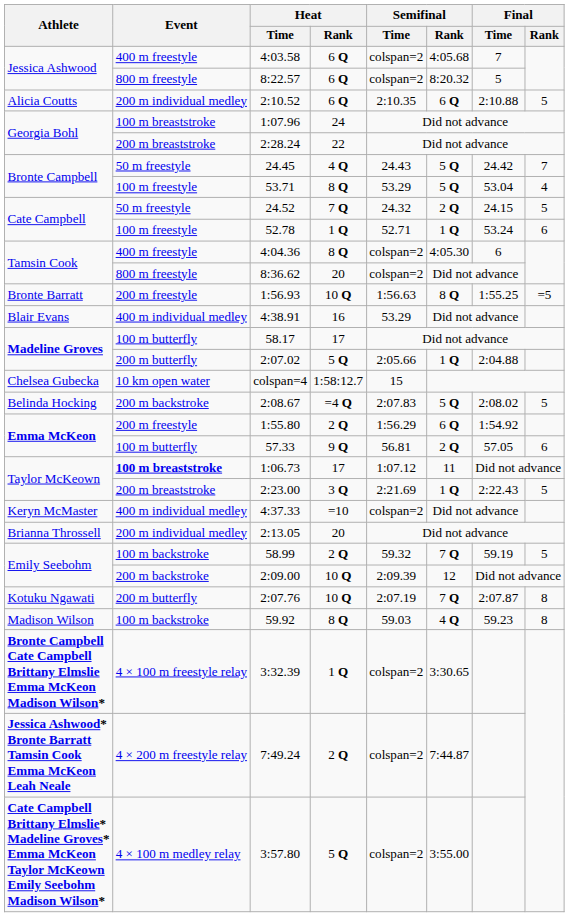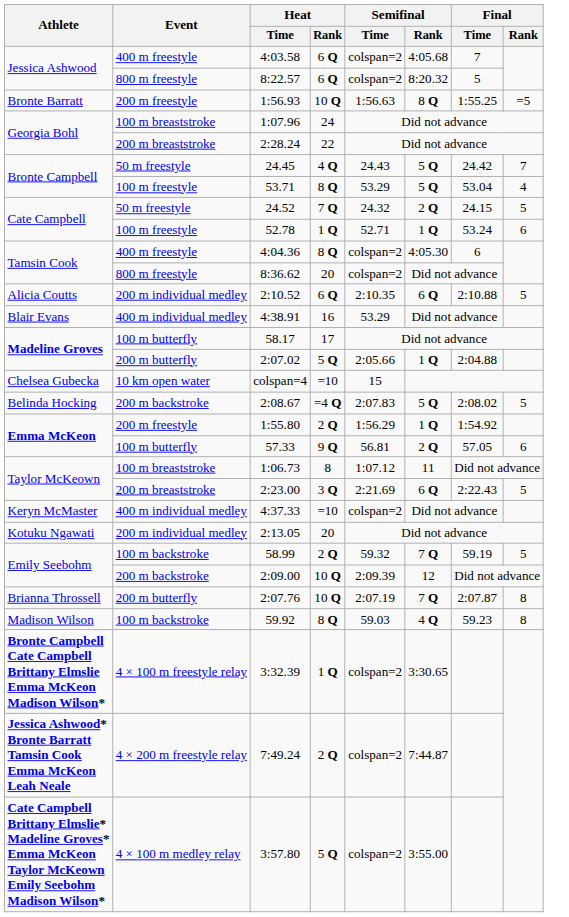 <table class=wikitable style="font-size:90%">
 <tr>
 <th rowspan="2">Athlete</th>
 <th rowspan="2">Event</th>
 <th colspan="2">Heat</th>
 <th colspan="2">Semifinal</th>
 <th colspan="2">Final</th>
 </tr>
 <tr style="font-size:95%">
 <th>Time</th>
 <th>Rank</th>
 <th>Time</th>
 <th>Rank</th>
 <th>Time</th>
 <th>Rank</th>
 </tr>
 <tr align=center>
 <td align=left rowspan=2><a href='#'>Jessica Ashwood</a></td>
 <td align=left><a href='#'>400 m freestyle</a></td>
 <td>4:03.58</td>
 <td>6 <strong>Q</strong></td>
 <td>colspan=2 </td>
 <td>4:05.68</td>
 <td>7</td>
 </tr>
 <tr align=center>
 <td align=left><a href='#'>800 m freestyle</a></td>
 <td>8:22.57</td>
 <td>6 <strong>Q</strong></td>
 <td>colspan=2 </td>
 <td>8:20.32</td>
 <td>5</td>
 </tr>
 <tr align=center>
-<td align=left><a href='#'>Alicia Coutts</a></td>
-<td align=left><a href='#'>200 m individual medley</a></td>
-<td>2:10.52</td>
-<td>6 <strong>Q</strong></td>
-<td>2:10.35</td>
-<td>6 <strong>Q</strong></td>
-<td>2:10.88</td>
-<td>5</td>
+<td align=left><a href='#'>Bronte Barratt</a></td>
+<td align=left><a href='#'>200 m freestyle</a></td>
+<td>1:56.93</td>
+<td>10 <strong>Q</strong></td>
+<td>1:56.63</td>
+<td>8 <strong>Q</strong></td>
+<td>1:55.25</td>
+<td>=5</td>
 </tr>
 <tr align=center>
 <td align=left rowspan=2><a href='#'>Georgia Bohl</a></td>
 <td align=left><a href='#'>100 m breaststroke</a></td>
 <td>1:07.96</td>
 <td>24</td>
 <td colspan=4>Did not advance</td>
 </tr>
 <tr align=center>
 <td align=left><a href='#'>200 m breaststroke</a></td>
 <td>2:28.24</td>
 <td>22</td>
 <td colspan=4>Did not advance</td>
 </tr>
 <tr align=center>
 <td align=left rowspan=2><a href='#'>Bronte Campbell</a></td>
 <td align=left><a href='#'>50 m freestyle</a></td>
 <td>24.45</td>
 <td>4 <strong>Q</strong></td>
 <td>24.43</td>
 <td>5 <strong>Q</strong></td>
 <td>24.42</td>
 <td>7</td>
 </tr>
 <tr align=center>
 <td align=left><a href='#'>100 m freestyle</a></td>
 <td>53.71</td>
 <td>8 <strong>Q</strong></td>
 <td>53.29</td>
 <td>5 <strong>Q</strong></td>
 <td>53.04</td>
 <td>4</td>
 </tr>
 <tr align=center>
 <td align=left rowspan=2><a href='#'>Cate Campbell</a></td>
 <td align=left><a href='#'>50 m freestyle</a></td>
 <td>24.52</td>
 <td>7 <strong>Q</strong></td>
 <td>24.32</td>
 <td>2 <strong>Q</strong></td>
 <td>24.15</td>
 <td>5</td>
 </tr>
 <tr align=center>
 <td align=left><a href='#'>100 m freestyle</a></td>
 <td>52.78 </td>
 <td>1 <strong>Q</strong></td>
 <td>52.71 </td>
 <td>1 <strong>Q</strong></td>
 <td>53.24</td>
 <td>6</td>
 </tr>
 <tr align=center>
 <td align=left rowspan=2><a href='#'>Tamsin Cook</a></td>
 <td align=left><a href='#'>400 m freestyle</a></td>
 <td>4:04.36</td>
 <td>8 <strong>Q</strong></td>
 <td>colspan=2 </td>
 <td>4:05.30</td>
 <td>6</td>
 </tr>
 <tr align=center>
 <td align=left><a href='#'>800 m freestyle</a></td>
 <td>8:36.62</td>
 <td>20</td>
 <td>colspan=2 </td>
 <td colspan=2>Did not advance</td>
 </tr>
 <tr align=center>
-<td align=left><a href='#'>Bronte Barratt</a></td>
-<td align=left><a href='#'>200 m freestyle</a></td>
-<td>1:56.93</td>
-<td>10 <strong>Q</strong></td>
-<td>1:56.63</td>
-<td>8 <strong>Q</strong></td>
-<td>1:55.25</td>
-<td>=5</td>
+<td align=left><a href='#'>Alicia Coutts</a></td>
+<td align=left><a href='#'>200 m individual medley</a></td>
+<td>2:10.52</td>
+<td>6 <strong>Q</strong></td>
+<td>2:10.35</td>
+<td>6 <strong>Q</strong></td>
+<td>2:10.88</td>
+<td>5</td>
 </tr>
 <tr align=center>
 <td align=left><a href='#'>Blair Evans</a></td>
 <td align=left><a href='#'>400 m individual medley</a></td>
 <td>4:38.91</td>
 <td>16</td>
 <td>53.29</td>
 <td colspan=2>Did not advance</td>
 </tr>
 <tr align=center>
 <td align=left rowspan=2><strong><a href='#'>Madeline Groves</a></strong></td>
 <td align=left><a href='#'>100 m butterfly</a></td>
 <td>58.17</td>
 <td>17</td>
 <td colspan=4>Did not advance</td>
 </tr>
 <tr align=center>
 <td align=left><a href='#'>200 m butterfly</a></td>
 <td>2:07.02</td>
 <td>5 <strong>Q</strong></td>
 <td>2:05.66</td>
 <td>1 <strong>Q</strong></td>
 <td>2:04.88</td>
 <td></td>
 </tr>
 <tr align=center>
 <td align=left><a href='#'>Chelsea Gubecka</a></td>
 <td align=left><a href='#'>10 km open water</a></td>
 <td>colspan=4 </td>
-<td>1:58:12.7</td>
+<td>=10</td>
 <td>15</td>
 </tr>
 <tr align=center>
 <td align=left><a href='#'>Belinda Hocking</a></td>
 <td align=left><a href='#'>200 m backstroke</a></td>
 <td>2:08.67</td>
 <td>=4 <strong>Q</strong></td>
 <td>2:07.83</td>
 <td>5 <strong>Q</strong></td>
 <td>2:08.02</td>
 <td>5</td>
 </tr>
 <tr align=center>
 <td align=left rowspan=2><strong><a href='#'>Emma McKeon</a></strong></td>
 <td align=left><a href='#'>200 m freestyle</a></td>
 <td>1:55.80</td>
 <td>2 <strong>Q</strong></td>
 <td>1:56.29</td>
-<td>6 <strong>Q</strong></td>
+<td>1 <strong>Q</strong></td>
 <td>1:54.92</td>
 <td></td>
 </tr>
 <tr align=center>
 <td align=left><a href='#'>100 m butterfly</a></td>
 <td>57.33</td>
 <td>9 <strong>Q</strong></td>
 <td>56.81</td>
 <td>2 <strong>Q</strong></td>
 <td>57.05</td>
 <td>6</td>
 </tr>
 <tr align=center>
 <td align=left rowspan=2><a href='#'>Taylor McKeown</a></td>
-<td align=left><strong><a href='#'>100 m breaststroke</a></strong></td>
+<td align=left><a href='#'>100 m breaststroke</a></td>
 <td>1:06.73</td>
-<td>17</td>
+<td>8</td>
 <td>1:07.12</td>
 <td>11</td>
 <td colspan=2>Did not advance</td>
 </tr>
 <tr align=center>
 <td align=left><a href='#'>200 m breaststroke</a></td>
 <td>2:23.00</td>
 <td>3 <strong>Q</strong></td>
 <td>2:21.69</td>
-<td>1 <strong>Q</strong></td>
+<td>6 <strong>Q</strong></td>
 <td>2:22.43</td>
 <td>5</td>
 </tr>
 <tr align=center>
 <td align=left><a href='#'>Keryn McMaster</a></td>
 <td align=left><a href='#'>400 m individual medley</a></td>
 <td>4:37.33</td>
 <td>=10</td>
 <td>colspan=2 </td>
 <td colspan=2>Did not advance</td>
 </tr>
 <tr align=center>
-<td align=left><a href='#'>Brianna Throssell</a></td>
+<td align=left><a href='#'>Kotuku Ngawati</a></td>
 <td align=left><a href='#'>200 m individual medley</a></td>
 <td>2:13.05</td>
 <td>20</td>
 <td colspan=4>Did not advance</td>
 </tr>
 <tr align=center>
 <td align=left rowspan=2><a href='#'>Emily Seebohm</a></td>
 <td align=left><a href='#'>100 m backstroke</a></td>
 <td>58.99</td>
 <td>2 <strong>Q</strong></td>
 <td>59.32</td>
 <td>7 <strong>Q</strong></td>
 <td>59.19</td>
 <td>5</td>
 </tr>
 <tr align=center>
 <td align=left><a href='#'>200 m backstroke</a></td>
 <td>2:09.00</td>
 <td>10 <strong>Q</strong></td>
 <td>2:09.39</td>
 <td>12</td>
 <td colspan=2>Did not advance</td>
 </tr>
 <tr align=center>
-<td align=left><a href='#'>Kotuku Ngawati</a></td>
+<td align=left><a href='#'>Brianna Throssell</a></td>
 <td align=left><a href='#'>200 m butterfly</a></td>
 <td>2:07.76</td>
 <td>10 <strong>Q</strong></td>
 <td>2:07.19</td>
 <td>7 <strong>Q</strong></td>
 <td>2:07.87</td>
 <td>8</td>
 </tr>
 <tr align=center>
 <td align=left><a href='#'>Madison Wilson</a></td>
 <td align=left><a href='#'>100 m backstroke</a></td>
 <td>59.92</td>
 <td>8 <strong>Q</strong></td>
 <td>59.03</td>
 <td>4 <strong>Q</strong></td>
 <td>59.23</td>
 <td>8</td>
 </tr>
 <tr align=center>
 <td align=left><strong><a href='#'>Bronte Campbell</a><br><a href='#'>Cate Campbell</a><br><a href='#'>Brittany Elmslie</a><br><a href='#'>Emma McKeon</a><br><a href='#'>Madison Wilson</a>*</strong></td>
 <td align=left><a href='#'>4 × 100 m freestyle relay</a></td>
 <td>3:32.39 </td>
 <td>1 <strong>Q</strong></td>
 <td>colspan=2 </td>
 <td>3:30.65 </td>
 <td></td>
 </tr>
 <tr align=center>
 <td align=left><strong><a href='#'>Jessica Ashwood</a>*<br><a href='#'>Bronte Barratt</a><br><a href='#'>Tamsin Cook</a><br><a href='#'>Emma McKeon</a><br><a href='#'>Leah Neale</a></strong></td>
 <td align=left><a href='#'>4 × 200 m freestyle relay</a></td>
 <td>7:49.24</td>
 <td>2 <strong>Q</strong></td>
 <td>colspan=2 </td>
 <td>7:44.87</td>
 <td></td>
 </tr>
 <tr align=center>
 <td align=left><strong><a href='#'>Cate Campbell</a><br><a href='#'>Brittany Elmslie</a>*<br><a href='#'>Madeline Groves</a>*<br><a href='#'>Emma McKeon</a><br><a href='#'>Taylor McKeown</a><br><a href='#'>Emily Seebohm</a><br><a href='#'>Madison Wilson</a>*</strong></td>
 <td align=left><a href='#'>4 × 100 m medley relay</a></td>
 <td>3:57.80</td>
 <td>5 <strong>Q</strong></td>
 <td>colspan=2 </td>
 <td>3:55.00</td>
 <td></td>
 </tr>
 </table>
